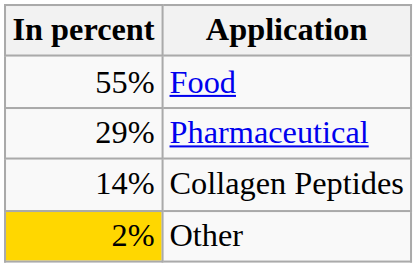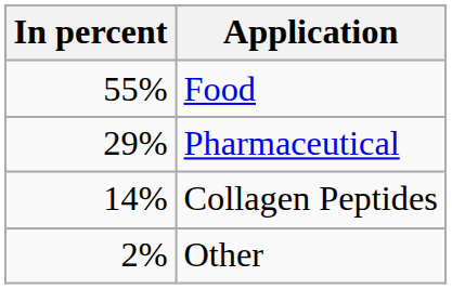 <table class="wikitable">
 <tr>
 <th>In percent</th>
 <th>Application</th>
 </tr>
 <tr>
 <td style="text-align:right">55%</td>
 <td><a href='#'>Food</a></td>
 </tr>
 <tr>
 <td style="text-align:right">29%</td>
 <td><a href='#'>Pharmaceutical</a></td>
 </tr>
 <tr>
 <td style="text-align:right">14%</td>
 <td>Collagen Peptides</td>
 </tr>
 <tr>
-<td style="background: gold; text-align:right">2%</td>
+<td style="text-align:right">2%</td>
 <td>Other</td>
 </tr>
 </table>
